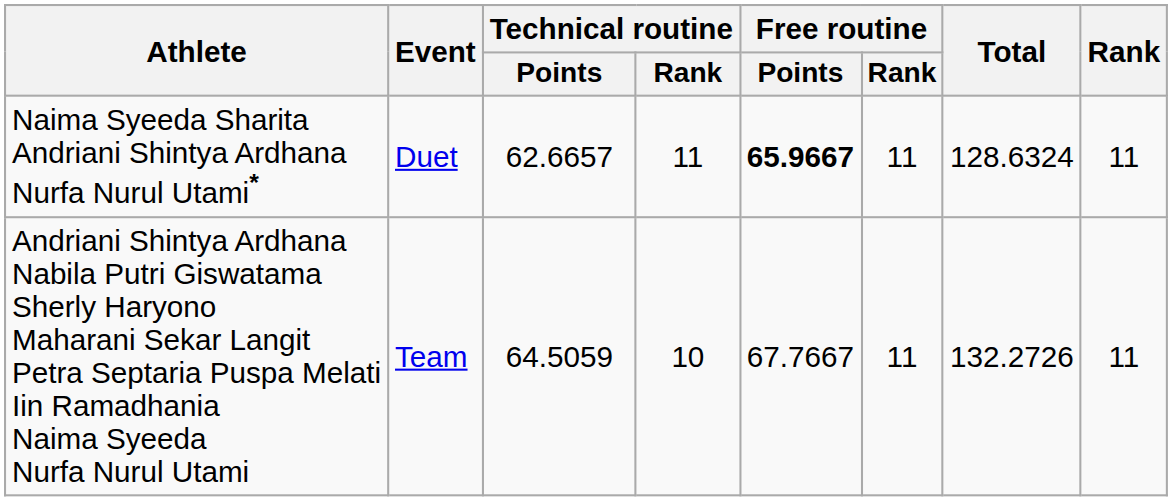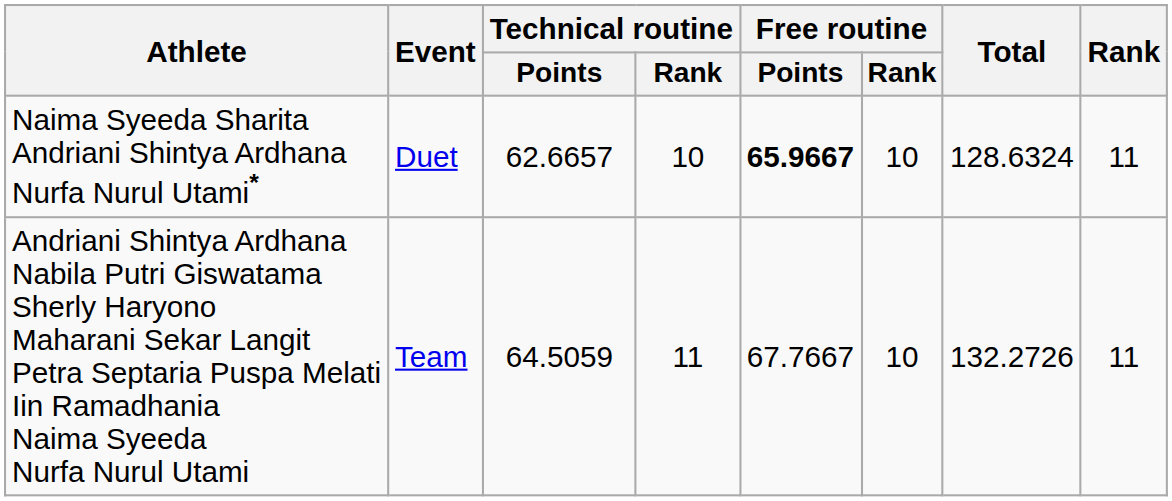 <table class=wikitable style=font-size:90%;text-align:center>
 <tr>
 <th rowspan="2">Athlete</th>
 <th rowspan="2">Event</th>
 <th colspan="2">Technical routine</th>
 <th colspan="2">Free routine</th>
 <th rowspan="2">Total</th>
 <th rowspan="2">Rank</th>
 </tr>
 <tr style="font-size:95%">
 <th>Points</th>
 <th>Rank</th>
 <th>Points</th>
 <th>Rank</th>
 </tr>
 <tr>
 <td align=left>Naima Syeeda Sharita<br>Andriani Shintya Ardhana<br>Nurfa Nurul Utami<sup><strong>*</strong></sup></td>
 <td align=left><a href='#'>Duet</a></td>
 <td>62.6657</td>
-<td>11</td>
+<td>10</td>
 <td><strong>65.9667</strong></td>
-<td>11</td>
+<td>10</td>
 <td>128.6324</td>
 <td>11</td>
 </tr>
 <tr>
 <td align=left>Andriani Shintya Ardhana<br>Nabila Putri Giswatama<br>Sherly Haryono<br>Maharani Sekar Langit<br>Petra Septaria Puspa Melati<br>Iin Ramadhania<br>Naima Syeeda<br>Nurfa Nurul Utami</td>
 <td align=left><a href='#'>Team</a></td>
 <td>64.5059</td>
+<td>11</td>
+<td>67.7667</td>
 <td>10</td>
-<td>67.7667</td>
-<td>11</td>
 <td>132.2726</td>
 <td>11</td>
 </tr>
 </table>
